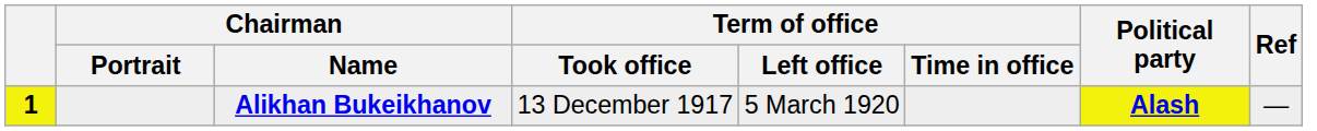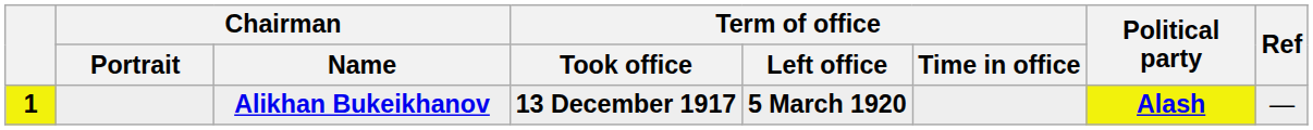 <table class="wikitable"  style="text-align:center">
 <tr>
 <th rowspan=2 style="width:25px;"></th>
 <th colspan=2 style="width:280px;">Chairman<br></th>
 <th colspan="3">Term of office</th>
 <th rowspan="2" style="width:100px;">Political party</th>
 <th rowspan=2 style="width:20px;">Ref</th>
 </tr>
 <tr>
 <th>Portrait</th>
 <th width=180px>Name</th>
 <th>Took office</th>
 <th>Left office</th>
 <th>Time in office</th>
 </tr>
 <tr bgcolor=#EEEEEE>
 <td style="background:#f2f20c; color:black"><strong>1</strong></td>
 <td></td>
 <td><strong><a href='#'>Alikhan Bukeikhanov</a></strong><br></td>
-<td>13 December 1917</td>
-<td>5 March 1920</td>
+<td><strong>13 December 1917</strong></td>
+<td><strong>5 March 1920</strong></td>
 <td></td>
 <td style="background:#f2f20c;"><strong><a href='#'><span>Alash</span></a></strong></td>
 <td>—</td>
 </tr>
 </table>
